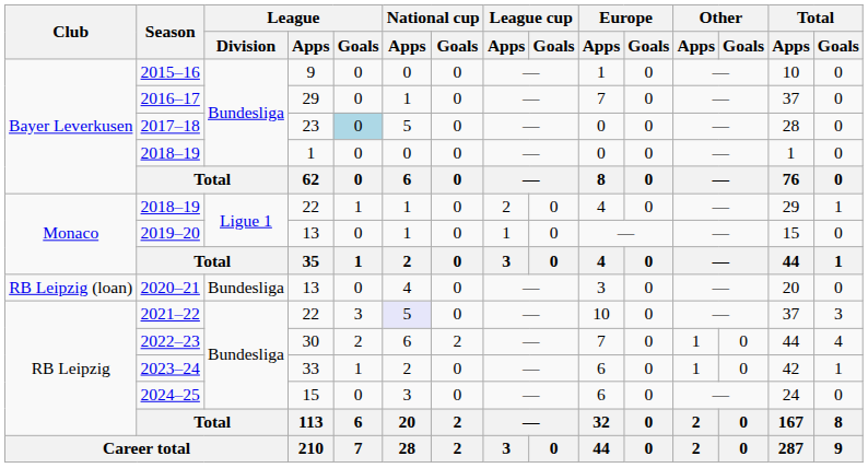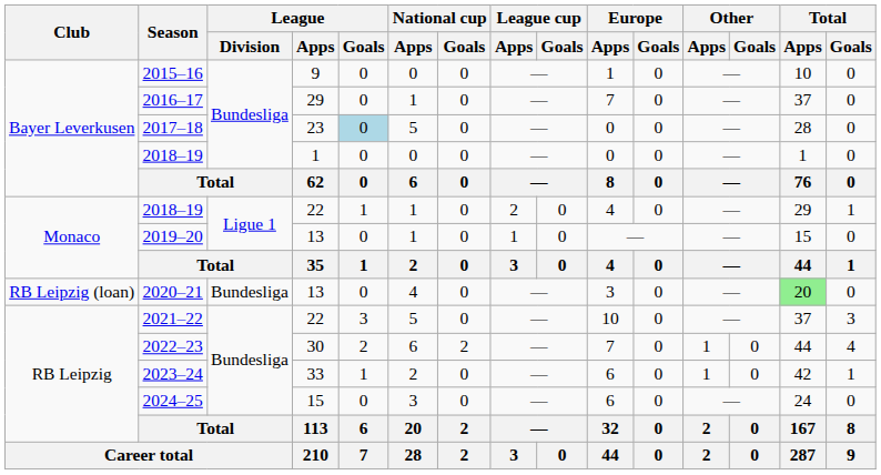 <table class="wikitable" style="text-align:center">
 <tr>
 <th rowspan="2">Club</th>
 <th rowspan="2">Season</th>
 <th colspan="3">League</th>
 <th colspan="2">National cup</th>
 <th colspan="2">League cup</th>
 <th colspan="2">Europe</th>
 <th colspan="2">Other</th>
 <th colspan="2">Total</th>
 </tr>
 <tr>
 <th>Division</th>
 <th>Apps</th>
 <th>Goals</th>
 <th>Apps</th>
 <th>Goals</th>
 <th>Apps</th>
 <th>Goals</th>
 <th>Apps</th>
 <th>Goals</th>
 <th>Apps</th>
 <th>Goals</th>
 <th>Apps</th>
 <th>Goals</th>
 </tr>
 <tr>
 <td rowspan="5"><a href='#'>Bayer Leverkusen</a></td>
 <td><a href='#'>2015–16</a></td>
 <td rowspan="4"><a href='#'>Bundesliga</a></td>
 <td>9</td>
 <td>0</td>
 <td>0</td>
 <td>0</td>
 <td colspan="2">—</td>
 <td>1</td>
 <td>0</td>
 <td colspan="2">—</td>
 <td>10</td>
 <td>0</td>
 </tr>
 <tr>
 <td><a href='#'>2016–17</a></td>
 <td>29</td>
 <td>0</td>
 <td>1</td>
 <td>0</td>
 <td colspan="2">—</td>
 <td>7</td>
 <td>0</td>
 <td colspan="2">—</td>
 <td>37</td>
 <td>0</td>
 </tr>
 <tr>
 <td><a href='#'>2017–18</a></td>
 <td>23</td>
 <td style="background: lightblue;">0</td>
 <td>5</td>
 <td>0</td>
 <td colspan="2">—</td>
 <td>0</td>
 <td>0</td>
 <td colspan="2">—</td>
 <td>28</td>
 <td>0</td>
 </tr>
 <tr>
 <td><a href='#'>2018–19</a></td>
 <td>1</td>
 <td>0</td>
 <td>0</td>
 <td>0</td>
 <td colspan="2">—</td>
 <td>0</td>
 <td>0</td>
 <td colspan="2">—</td>
 <td>1</td>
 <td>0</td>
 </tr>
 <tr>
 <th colspan="2">Total</th>
 <th>62</th>
 <th>0</th>
 <th>6</th>
 <th>0</th>
 <th colspan="2">—</th>
 <th>8</th>
 <th>0</th>
 <th colspan="2">—</th>
 <th>76</th>
 <th>0</th>
 </tr>
 <tr>
 <td rowspan="3"><a href='#'>Monaco</a></td>
 <td><a href='#'>2018–19</a></td>
 <td rowspan="2"><a href='#'>Ligue 1</a></td>
 <td>22</td>
 <td>1</td>
 <td>1</td>
 <td>0</td>
 <td>2</td>
 <td>0</td>
 <td>4</td>
 <td>0</td>
 <td colspan="2">—</td>
 <td>29</td>
 <td>1</td>
 </tr>
 <tr>
 <td><a href='#'>2019–20</a></td>
 <td>13</td>
 <td>0</td>
 <td>1</td>
 <td>0</td>
 <td>1</td>
 <td>0</td>
 <td colspan="2">—</td>
 <td colspan="2">—</td>
 <td>15</td>
 <td>0</td>
 </tr>
 <tr>
 <th colspan="2">Total</th>
 <th>35</th>
 <th>1</th>
 <th>2</th>
 <th>0</th>
 <th>3</th>
 <th>0</th>
 <th>4</th>
 <th>0</th>
 <th colspan="2">—</th>
 <th>44</th>
 <th>1</th>
 </tr>
 <tr>
 <td><a href='#'>RB Leipzig</a> (loan)</td>
 <td><a href='#'>2020–21</a></td>
 <td>Bundesliga</td>
 <td>13</td>
 <td>0</td>
 <td>4</td>
 <td>0</td>
 <td colspan="2">—</td>
 <td>3</td>
 <td>0</td>
 <td colspan="2">—</td>
-<td>20</td>
+<td style="background: lightgreen;">20</td>
 <td>0</td>
 </tr>
 <tr>
 <td rowspan="5">RB Leipzig</td>
 <td><a href='#'>2021–22</a></td>
 <td rowspan="4">Bundesliga</td>
 <td>22</td>
 <td>3</td>
-<td style="background: lavender;">5</td>
+<td>5</td>
 <td>0</td>
 <td colspan="2">—</td>
 <td>10</td>
 <td>0</td>
 <td colspan="2">—</td>
 <td>37</td>
 <td>3</td>
 </tr>
 <tr>
 <td><a href='#'>2022–23</a></td>
 <td>30</td>
 <td>2</td>
 <td>6</td>
 <td>2</td>
 <td colspan="2">—</td>
 <td>7</td>
 <td>0</td>
 <td>1</td>
 <td>0</td>
 <td>44</td>
 <td>4</td>
 </tr>
 <tr>
 <td><a href='#'>2023–24</a></td>
 <td>33</td>
 <td>1</td>
 <td>2</td>
 <td>0</td>
 <td colspan="2">—</td>
 <td>6</td>
 <td>0</td>
 <td>1</td>
 <td>0</td>
 <td>42</td>
 <td>1</td>
 </tr>
 <tr>
 <td><a href='#'>2024–25</a></td>
 <td>15</td>
 <td>0</td>
 <td>3</td>
 <td>0</td>
 <td colspan="2">—</td>
 <td>6</td>
 <td>0</td>
 <td colspan="2">—</td>
 <td>24</td>
 <td>0</td>
 </tr>
 <tr>
 <th colspan="2">Total</th>
 <th>113</th>
 <th>6</th>
 <th>20</th>
 <th>2</th>
 <th colspan="2">—</th>
 <th>32</th>
 <th>0</th>
 <th>2</th>
 <th>0</th>
 <th>167</th>
 <th>8</th>
 </tr>
 <tr>
 <th colspan="3">Career total</th>
 <th>210</th>
 <th>7</th>
 <th>28</th>
 <th>2</th>
 <th>3</th>
 <th>0</th>
 <th>44</th>
 <th>0</th>
 <th>2</th>
 <th>0</th>
 <th>287</th>
 <th>9</th>
 </tr>
 </table>
